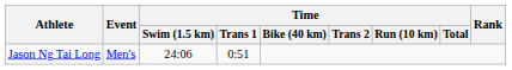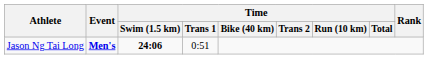 <table class=wikitable style="font-size:90%;text-align:center">
 <tr>
 <th rowspan=2>Athlete</th>
 <th rowspan=2>Event</th>
 <th colspan=6>Time</th>
 <th rowspan=2>Rank</th>
 </tr>
 <tr style="font-size:95%">
 <th>Swim (1.5 km)</th>
 <th>Trans 1</th>
 <th>Bike (40 km)</th>
 <th>Trans 2</th>
 <th>Run (10 km)</th>
 <th>Total</th>
 </tr>
 <tr>
 <td align=left><a href='#'>Jason Ng Tai Long</a></td>
-<td align=left><a href='#'>Men's</a></td>
-<td>24:06</td>
+<td align=left><strong><a href='#'>Men's</a></strong></td>
+<td><strong>24:06</strong></td>
 <td>0:51</td>
 <td colspan=5></td>
 </tr>
 </table>
